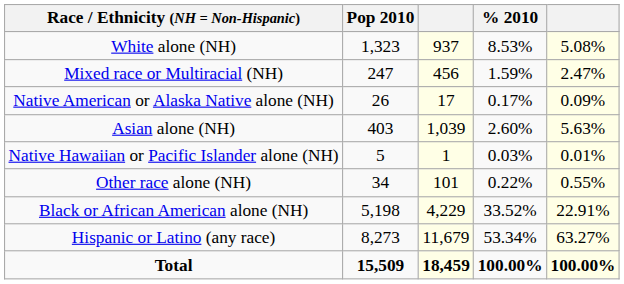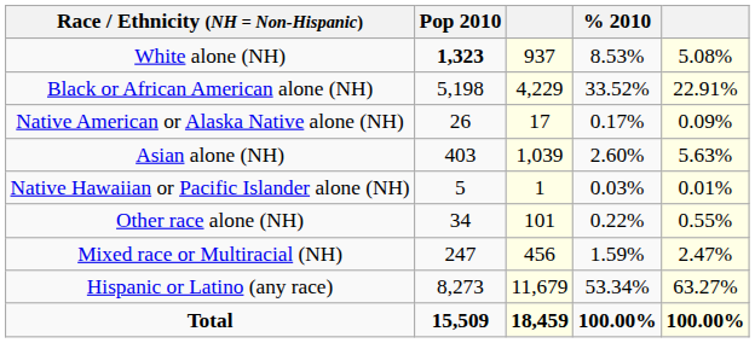 <table class="wikitable" style="text-align:center;">
 <tr>
 <th>Race / Ethnicity <small>(<em>NH = Non-Hispanic</em>)</small></th>
 <th>Pop 2010</th>
 <th></th>
 <th>% 2010</th>
 <th></th>
 </tr>
 <tr>
 <td><a href='#'>White</a> alone (NH)</td>
-<td>1,323</td>
+<td><strong>1,323</strong></td>
 <td style='background: #ffffe6;'>937</td>
 <td>8.53%</td>
 <td style='background: #ffffe6;'>5.08%</td>
 </tr>
 <tr>
-<td><a href='#'>Mixed race or Multiracial</a> (NH)</td>
-<td>247</td>
-<td style='background: #ffffe6;'>456</td>
-<td>1.59%</td>
-<td style='background: #ffffe6;'>2.47%</td>
+<td><a href='#'>Black or African American</a> alone (NH)</td>
+<td>5,198</td>
+<td style='background: #ffffe6;'>4,229</td>
+<td>33.52%</td>
+<td style='background: #ffffe6;'>22.91%</td>
 </tr>
 <tr>
 <td><a href='#'>Native American</a> or <a href='#'>Alaska Native</a> alone (NH)</td>
 <td>26</td>
 <td style='background: #ffffe6;'>17</td>
 <td>0.17%</td>
 <td style='background: #ffffe6;'>0.09%</td>
 </tr>
 <tr>
 <td><a href='#'>Asian</a> alone (NH)</td>
 <td>403</td>
 <td style='background: #ffffe6;'>1,039</td>
 <td>2.60%</td>
 <td style='background: #ffffe6;'>5.63%</td>
 </tr>
 <tr>
 <td><a href='#'>Native Hawaiian</a> or <a href='#'>Pacific Islander</a> alone (NH)</td>
 <td>5</td>
 <td style='background: #ffffe6;'>1</td>
 <td>0.03%</td>
 <td style='background: #ffffe6;'>0.01%</td>
 </tr>
 <tr>
 <td><a href='#'>Other race</a> alone (NH)</td>
 <td>34</td>
 <td style='background: #ffffe6;'>101</td>
 <td>0.22%</td>
 <td style='background: #ffffe6;'>0.55%</td>
 </tr>
 <tr>
-<td><a href='#'>Black or African American</a> alone (NH)</td>
-<td>5,198</td>
-<td style='background: #ffffe6;'>4,229</td>
-<td>33.52%</td>
-<td style='background: #ffffe6;'>22.91%</td>
+<td><a href='#'>Mixed race or Multiracial</a> (NH)</td>
+<td>247</td>
+<td style='background: #ffffe6;'>456</td>
+<td>1.59%</td>
+<td style='background: #ffffe6;'>2.47%</td>
 </tr>
 <tr>
 <td><a href='#'>Hispanic or Latino</a> (any race)</td>
 <td>8,273</td>
 <td style='background: #ffffe6;'>11,679</td>
 <td>53.34%</td>
 <td style='background: #ffffe6;'>63.27%</td>
 </tr>
 <tr>
 <td><strong>Total</strong></td>
 <td><strong>15,509</strong></td>
 <td style='background: #ffffe6;'><strong>18,459</strong></td>
 <td><strong>100.00%</strong></td>
 <td style='background: #ffffe6;'><strong>100.00%</strong></td>
 </tr>
 </table>
